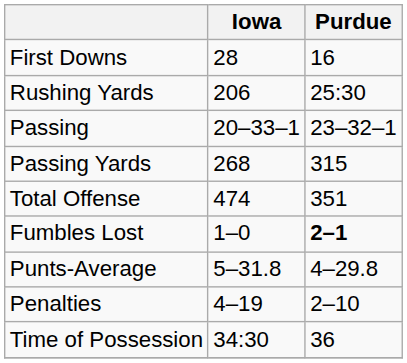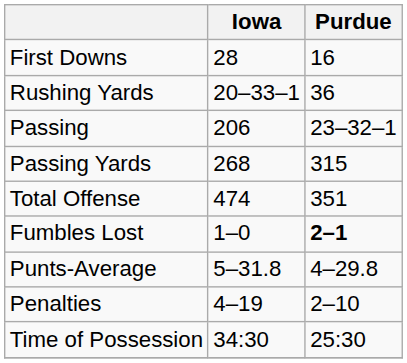 <table class="wikitable">
 <tr>
 <th></th>
 <th>Iowa</th>
 <th>Purdue</th>
 </tr>
 <tr>
 <td>First Downs</td>
 <td>28</td>
 <td>16</td>
 </tr>
 <tr>
 <td>Rushing Yards</td>
-<td>206</td>
-<td>25:30</td>
+<td>20–33–1</td>
+<td>36</td>
 </tr>
 <tr>
 <td>Passing</td>
-<td>20–33–1</td>
+<td>206</td>
 <td>23–32–1</td>
 </tr>
 <tr>
 <td>Passing Yards</td>
 <td>268</td>
 <td>315</td>
 </tr>
 <tr>
 <td>Total Offense</td>
 <td>474</td>
 <td>351</td>
 </tr>
 <tr>
 <td>Fumbles Lost</td>
 <td>1–0</td>
 <td><strong>2–1</strong></td>
 </tr>
 <tr>
 <td>Punts-Average</td>
 <td>5–31.8</td>
 <td>4–29.8</td>
 </tr>
 <tr>
 <td>Penalties</td>
 <td>4–19</td>
 <td>2–10</td>
 </tr>
 <tr>
 <td>Time of Possession</td>
 <td>34:30</td>
-<td>36</td>
+<td>25:30</td>
 </tr>
 <tr>
 </tr>
 </table>
